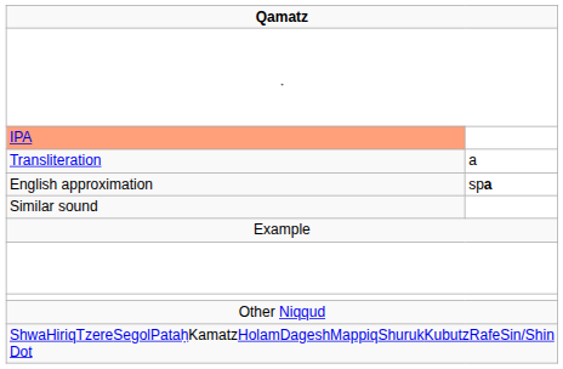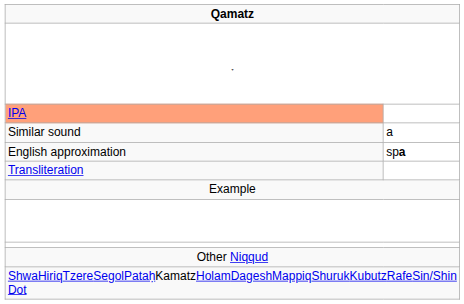 <table align="right" class="wikitable">
 <tr>
 <td colspan="2" style="text-align:center;"><strong>Qamatz</strong></td>
 </tr>
 <tr>
 <td colspan="2" align="center" style="background:white;height:100px"><span>ָ</span></td>
 </tr>
 <tr>
 <td style="background: lightsalmon;"><a href='#'>IPA</a></td>
 <td style="background:white"></td>
 </tr>
 <tr>
-<td><a href='#'>Transliteration</a></td>
+<td>Similar sound</td>
 <td style="background:white">a</td>
 </tr>
 <tr>
 <td>English approximation</td>
 <td style="background:white">sp<strong>a</strong></td>
 </tr>
 <tr>
-<td>Similar sound</td>
+<td><a href='#'>Transliteration</a></td>
 <td style="background:white"></td>
 </tr>
 <tr>
 <td colspan="2" style="text-align:center;">Example</td>
 </tr>
 <tr>
 <td colspan="2" align="center" style="background:white;height:50px"><span></span></td>
 </tr>
 <tr>
 <td colspan="2" style="width:250px;background:white"></td>
 </tr>
 <tr>
 <td colspan="2" style="text-align:center;">Other <a href='#'>Niqqud</a></td>
 </tr>
 <tr>
 <td colspan="2" style="width:250px;background:white text-align:center;"><a href='#'>Shwa</a><a href='#'>Hiriq</a><a href='#'>Tzere</a><a href='#'>Segol</a><a href='#'>Pataḥ</a>Kamatz<a href='#'>Holam</a><a href='#'>Dagesh</a><a href='#'>Mappiq</a><a href='#'>Shuruk</a><a href='#'>Kubutz</a><a href='#'>Rafe</a><a href='#'>Sin/Shin Dot</a></td>
 </tr>
 </table>
